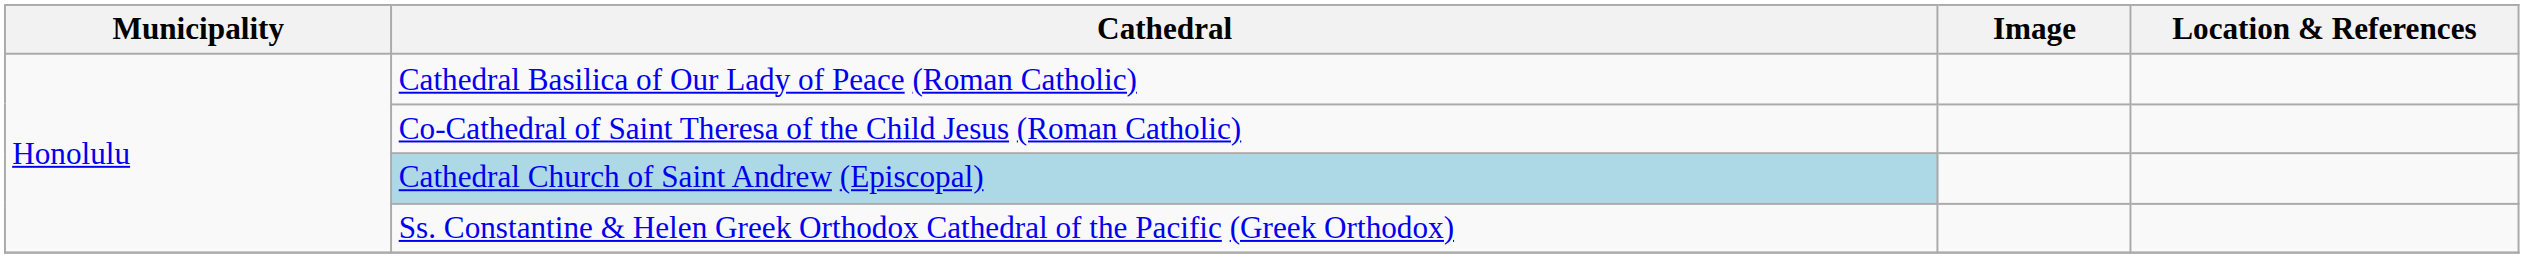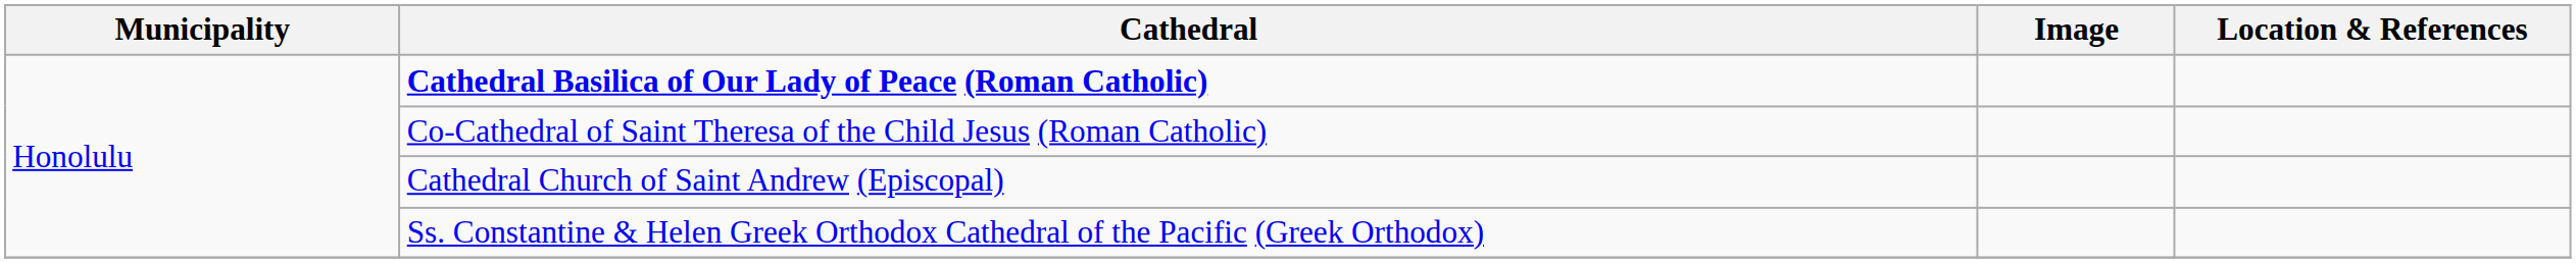 <table width=65% class="wikitable">
 <tr>
 <th width = 10%>Municipality</th>
 <th width = 40%>Cathedral</th>
 <th width = 5%>Image</th>
 <th width = 10%>Location & References</th>
 </tr>
 <tr>
 <td rowspan=4><a href='#'>Honolulu</a></td>
-<td><a href='#'>Cathedral Basilica of Our Lady of Peace</a> <a href='#'>(Roman Catholic)</a></td>
+<td><strong><a href='#'>Cathedral Basilica of Our Lady of Peace</a> <a href='#'>(Roman Catholic)</a></strong></td>
 <td></td>
 <td><small></small><br></td>
 </tr>
 <tr>
 <td><a href='#'>Co-Cathedral of Saint Theresa of the Child Jesus</a> <a href='#'>(Roman Catholic)</a></td>
 <td></td>
 <td><small></small><br></td>
 </tr>
 <tr>
-<td style="background: lightblue;"><a href='#'>Cathedral Church of Saint Andrew</a> <a href='#'>(Episcopal)</a></td>
+<td><a href='#'>Cathedral Church of Saint Andrew</a> <a href='#'>(Episcopal)</a></td>
 <td></td>
 <td><small></small><br></td>
 </tr>
 <tr>
 <td><a href='#'>Ss. Constantine & Helen Greek Orthodox Cathedral of the Pacific</a> <a href='#'>(Greek Orthodox)</a></td>
 <td></td>
 <td><small></small><br></td>
 </tr>
 <tr>
 </tr>
 </table>
